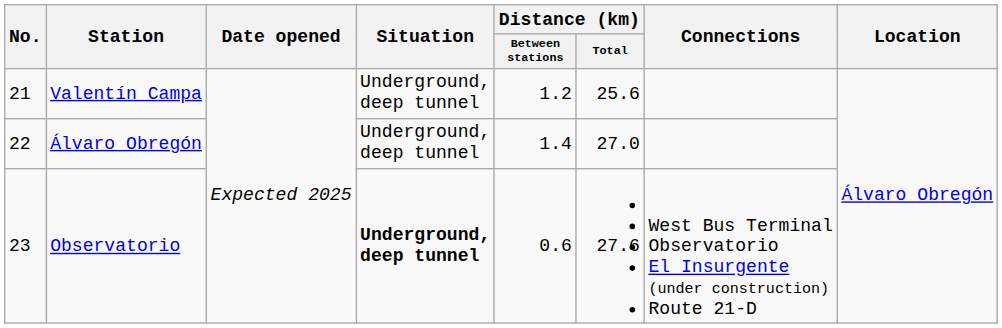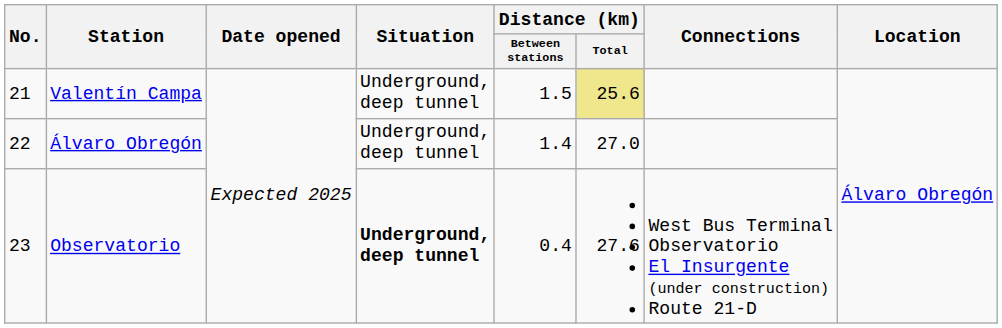 <table class="wikitable" rules="all">
 <tr>
 <th rowspan="2">No.</th>
 <th rowspan="2">Station</th>
 <th rowspan="2">Date opened</th>
 <th rowspan="2">Situation</th>
 <th colspan="2">Distance (km)</th>
 <th rowspan="2">Connections</th>
 <th rowspan="2">Location</th>
 </tr>
 <tr>
 <th style="font-size: 65%;">Between<br>stations</th>
 <th style="font-size: 65%;">Total</th>
 </tr>
 <tr>
 <td style="background: #">21</td>
 <td><a href='#'>Valentín Campa</a></td>
 <td rowspan=3><em>Expected 2025</em></td>
 <td>Underground,<br>deep tunnel</td>
-<td style="text-align:right;">1.2</td>
-<td style="text-align:right;">25.6</td>
+<td style="text-align:right;">1.5</td>
+<td style="background: khaki; text-align:right;">25.6</td>
 <td></td>
 <td rowspan=3><a href='#'>Álvaro Obregón</a></td>
 </tr>
 <tr>
 <td style="background: #">22</td>
 <td><a href='#'>Álvaro Obregón</a></td>
 <td>Underground,<br>deep tunnel</td>
 <td style="text-align:right;">1.4</td>
 <td style="text-align:right;">27.0</td>
 <td></td>
 </tr>
 <tr>
 <td style="background: #">23</td>
 <td><a href='#'>Observatorio</a></td>
 <td><strong>Underground,<br>deep tunnel</strong></td>
-<td style="text-align:right;">0.6</td>
+<td style="text-align:right;">0.4</td>
 <td style="text-align:right;">27.6</td>
 <td><br><li> </li> <li> West Bus Terminal</li> <li> Observatorio</li> <li> <a href='#'>El Insurgente</a><br><small>(under construction)</small></li> <li> Route 21-D</td>
 </tr>
 </table>
